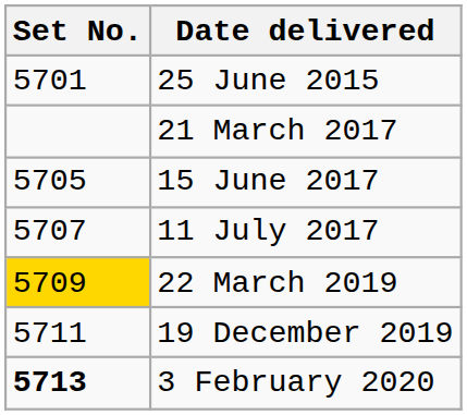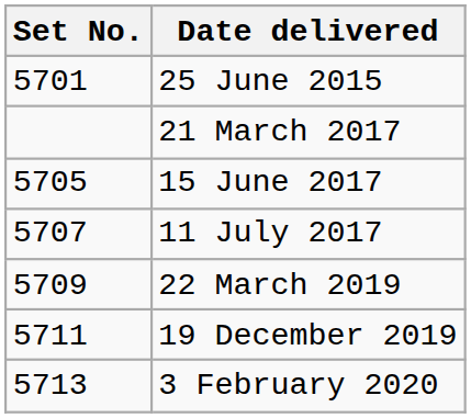 <table class="wikitable">
 <tr>
 <th>Set No.</th>
 <th>Date delivered</th>
 </tr>
 <tr>
 <td>5701</td>
 <td>25 June 2015</td>
 </tr>
 <tr>
 <td></td>
 <td>21 March 2017</td>
 </tr>
 <tr>
 <td>5705</td>
 <td>15 June 2017</td>
 </tr>
 <tr>
 <td>5707</td>
 <td>11 July 2017</td>
 </tr>
 <tr>
-<td style="background: gold;">5709</td>
+<td>5709</td>
 <td>22 March 2019</td>
 </tr>
 <tr>
 <td>5711</td>
 <td>19 December 2019</td>
 </tr>
 <tr>
-<td><strong>5713</strong></td>
+<td>5713</td>
 <td>3 February 2020</td>
 </tr>
 </table>
